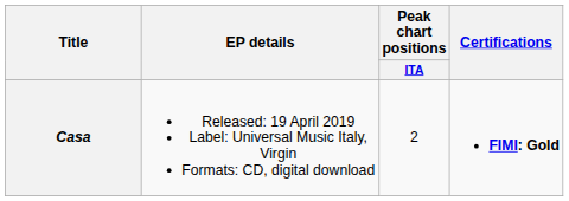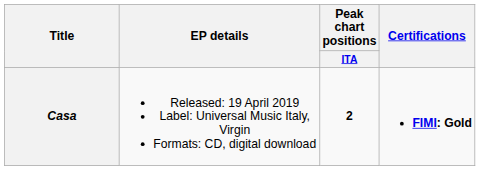 <table class="wikitable plainrowheaders" style="text-align:center;">
 <tr>
 <th rowspan="2" scope="col" style="width:9em;">Title</th>
 <th rowspan="2" scope="col" style="width:16em;">EP details</th>
 <th scope="col">Peak chart positions</th>
 <th rowspan="2" scope="col"><a href='#'>Certifications</a></th>
 </tr>
 <tr>
 <th scope="col" style="width:3em;font-size:85%;"><a href='#'>ITA</a><br></th>
 </tr>
 <tr>
 <th scope="row"><em>Casa</em></th>
 <td><br><ul><li>Released: 19 April 2019</li><li>Label: Universal Music Italy, Virgin</li><li>Formats: CD, digital download</li></ul></td>
-<td>2</td>
+<td><strong>2</strong></td>
 <td><strong><br><ul><li><a href='#'>FIMI</a>: Gold</li></ul></strong></td>
 </tr>
 </table>
